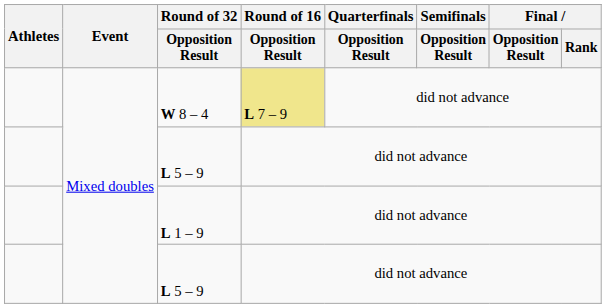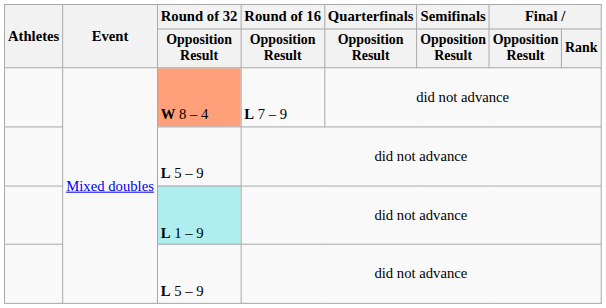 <table class="wikitable" style="font-size:90%">
 <tr>
 <th rowspan=2>Athletes</th>
 <th rowspan=2>Event</th>
 <th>Round of 32</th>
 <th>Round of 16</th>
 <th>Quarterfinals</th>
 <th>Semifinals</th>
 <th colspan=2>Final / </th>
 </tr>
 <tr style="font-size:95%">
 <th>Opposition<br>Result</th>
 <th>Opposition<br>Result</th>
 <th>Opposition<br>Result</th>
 <th>Opposition<br>Result</th>
 <th>Opposition<br>Result</th>
 <th>Rank</th>
 </tr>
 <tr align=center>
 <td align=left><br></td>
 <td align=left rowspan=4><a href='#'>Mixed doubles</a></td>
-<td align=left><br> <br> <strong>W</strong> 8 – 4</td>
-<td align=left style="background: khaki;"><br><br> <strong>L</strong> 7 – 9</td>
+<td align=left style="background: lightsalmon;"><br> <br> <strong>W</strong> 8 – 4</td>
+<td align=left><br><br> <strong>L</strong> 7 – 9</td>
 <td colspan=4>did not advance</td>
 </tr>
 <tr align=center>
 <td align=left><br></td>
 <td align=left><br> <br> <strong>L</strong> 5 – 9</td>
 <td align=center colspan=5>did not advance</td>
 </tr>
 <tr align=center>
 <td align=left><br></td>
-<td align=left><br> <br> <strong>L</strong> 1 – 9</td>
+<td align=left style="background: paleturquoise;"><br> <br> <strong>L</strong> 1 – 9</td>
 <td align=center colspan=5>did not advance</td>
 </tr>
 <tr align=center>
 <td align=left><br></td>
 <td align=left><br> <br> <strong>L</strong> 5 – 9</td>
 <td align=center colspan=5>did not advance</td>
 </tr>
 </table>
